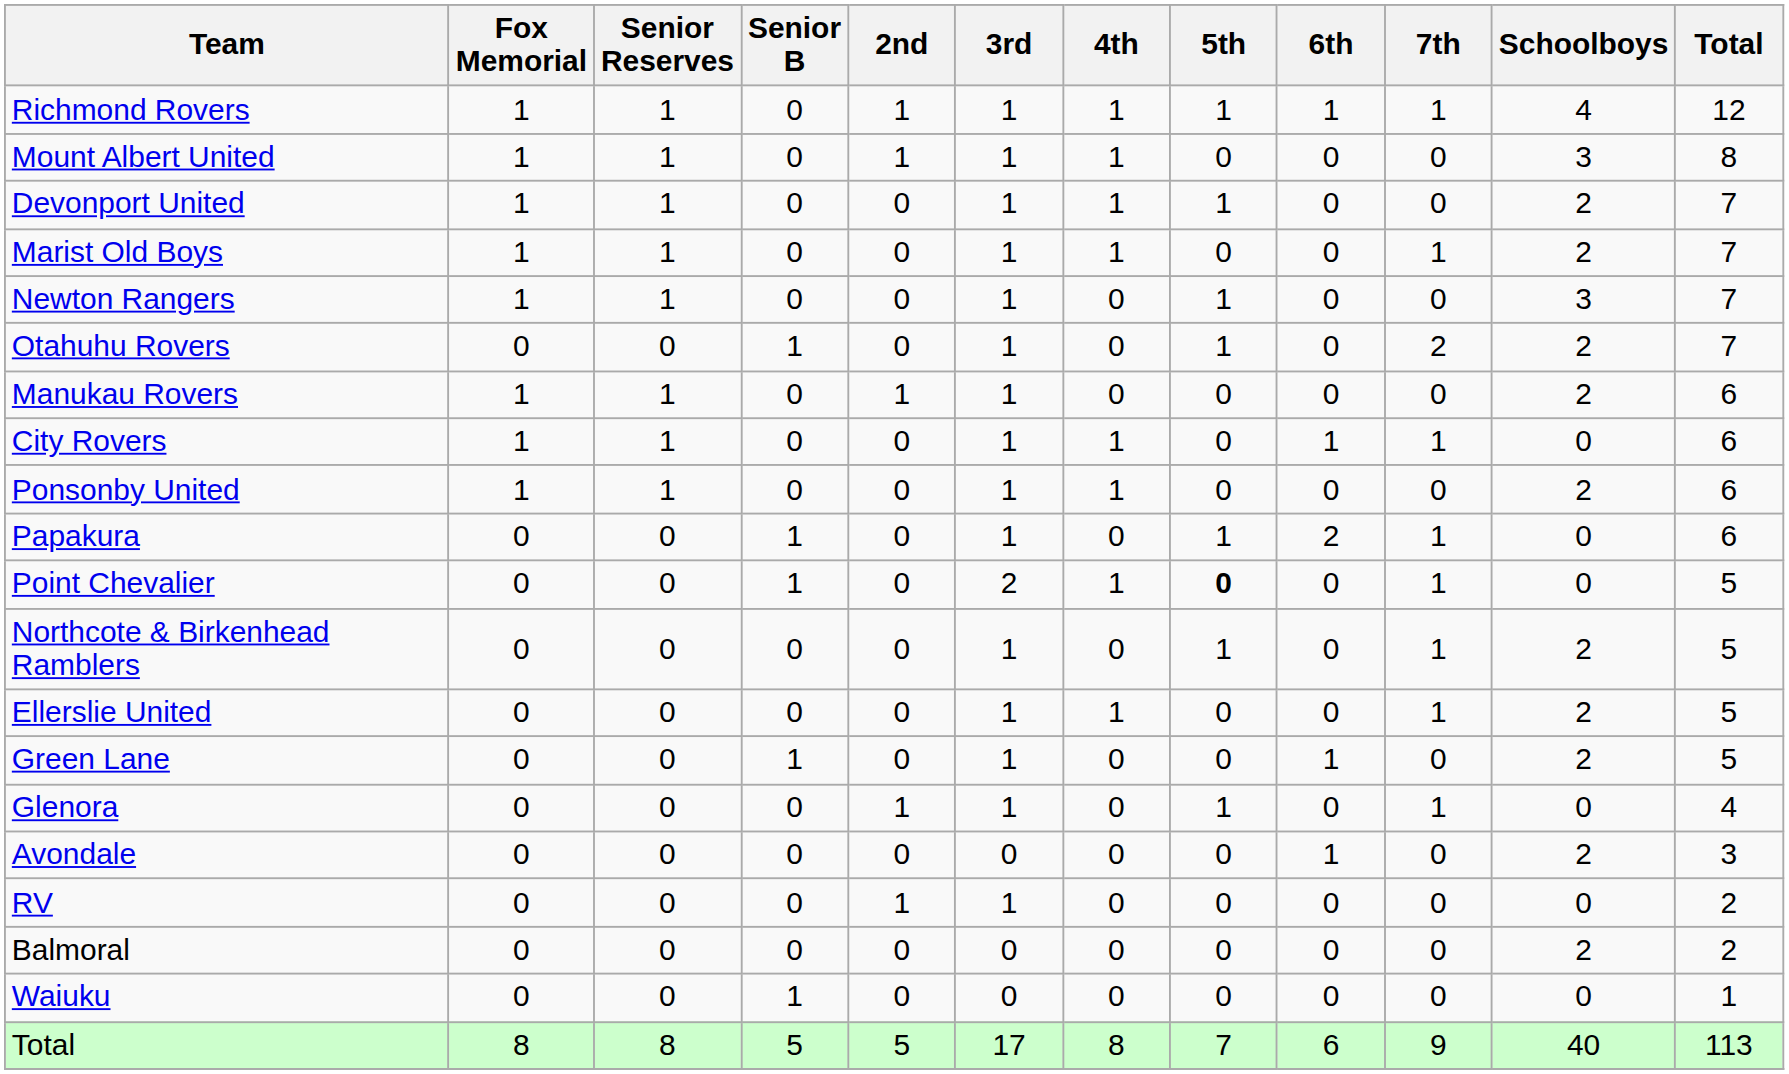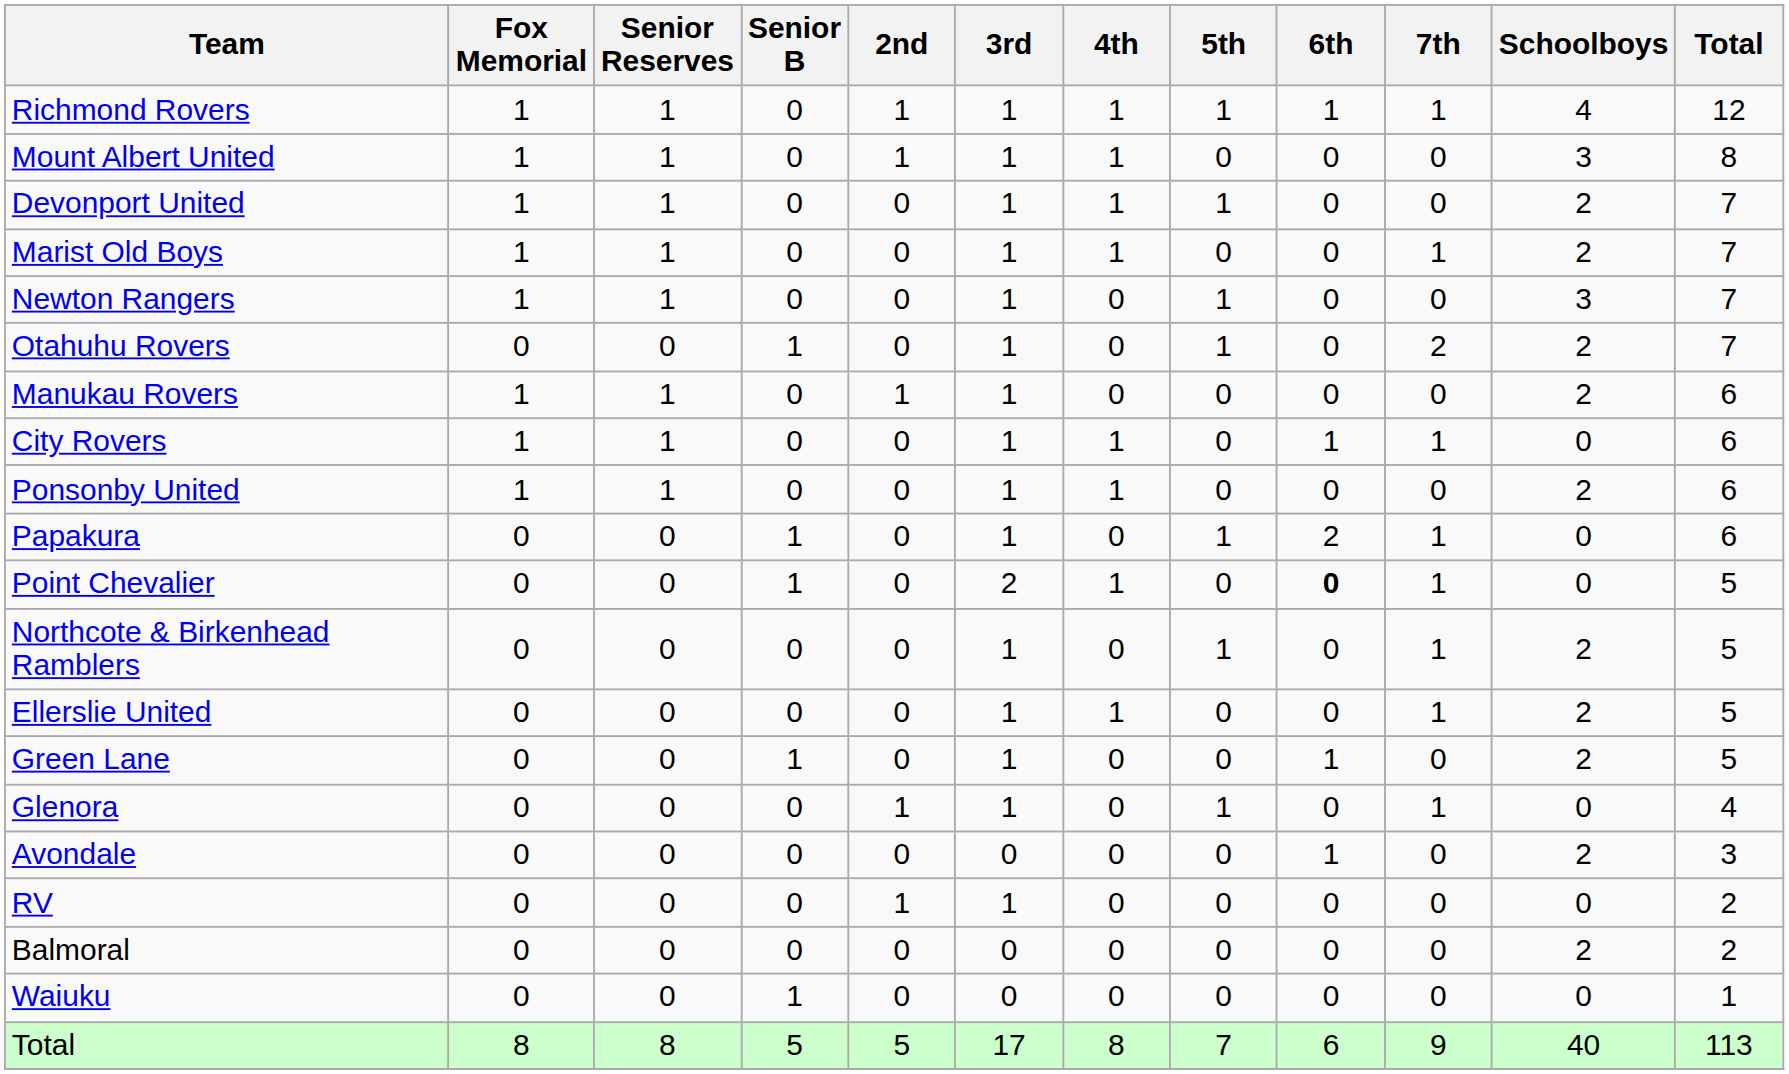 <table class="wikitable" style="text-align:center;">
 <tr>
 <th width=230>Team</th>
 <th width=50 abbr="1st Grade">Fox Memorial</th>
 <th width=50 abbr="Reserves">Senior Reserves</th>
 <th width=50 abbr="Reserves">Senior B</th>
 <th width=50 abbr="2nd Grade">2nd</th>
 <th width=50 abbr="3rd Grade">3rd</th>
 <th width=50 abbr="4th Grade">4th</th>
 <th width=50 abbr="5th Grade">5th</th>
 <th width=50 abbr="6th Grade">6th</th>
 <th width=50 abbr="7th Grade">7th</th>
 <th width=50 abbr="Schoolboys">Schoolboys</th>
 <th width=50 abbr="Total">Total</th>
 </tr>
 <tr>
 <td style="text-align:left;"><a href='#'>Richmond Rovers</a></td>
 <td>1</td>
 <td>1</td>
 <td>0</td>
 <td>1</td>
 <td>1</td>
 <td>1</td>
 <td>1</td>
 <td>1</td>
 <td>1</td>
 <td>4</td>
 <td>12</td>
 </tr>
 <tr>
 <td style="text-align:left;"><a href='#'>Mount Albert United</a></td>
 <td>1</td>
 <td>1</td>
 <td>0</td>
 <td>1</td>
 <td>1</td>
 <td>1</td>
 <td>0</td>
 <td>0</td>
 <td>0</td>
 <td>3</td>
 <td>8</td>
 </tr>
 <tr>
 <td style="text-align:left;"><a href='#'>Devonport United</a></td>
 <td>1</td>
 <td>1</td>
 <td>0</td>
 <td>0</td>
 <td>1</td>
 <td>1</td>
 <td>1</td>
 <td>0</td>
 <td>0</td>
 <td>2</td>
 <td>7</td>
 </tr>
 <tr>
 <td style="text-align:left;"><a href='#'>Marist Old Boys</a></td>
 <td>1</td>
 <td>1</td>
 <td>0</td>
 <td>0</td>
 <td>1</td>
 <td>1</td>
 <td>0</td>
 <td>0</td>
 <td>1</td>
 <td>2</td>
 <td>7</td>
 </tr>
 <tr>
 <td style="text-align:left;"><a href='#'>Newton Rangers</a></td>
 <td>1</td>
 <td>1</td>
 <td>0</td>
 <td>0</td>
 <td>1</td>
 <td>0</td>
 <td>1</td>
 <td>0</td>
 <td>0</td>
 <td>3</td>
 <td>7</td>
 </tr>
 <tr>
 <td style="text-align:left;"><a href='#'>Otahuhu Rovers</a></td>
 <td>0</td>
 <td>0</td>
 <td>1</td>
 <td>0</td>
 <td>1</td>
 <td>0</td>
 <td>1</td>
 <td>0</td>
 <td>2</td>
 <td>2</td>
 <td>7</td>
 </tr>
 <tr>
 <td style="text-align:left;"><a href='#'>Manukau Rovers</a></td>
 <td>1</td>
 <td>1</td>
 <td>0</td>
 <td>1</td>
 <td>1</td>
 <td>0</td>
 <td>0</td>
 <td>0</td>
 <td>0</td>
 <td>2</td>
 <td>6</td>
 </tr>
 <tr>
 <td style="text-align:left;"><a href='#'>City Rovers</a></td>
 <td>1</td>
 <td>1</td>
 <td>0</td>
 <td>0</td>
 <td>1</td>
 <td>1</td>
 <td>0</td>
 <td>1</td>
 <td>1</td>
 <td>0</td>
 <td>6</td>
 </tr>
 <tr>
 <td style="text-align:left;"><a href='#'>Ponsonby United</a></td>
 <td>1</td>
 <td>1</td>
 <td>0</td>
 <td>0</td>
 <td>1</td>
 <td>1</td>
 <td>0</td>
 <td>0</td>
 <td>0</td>
 <td>2</td>
 <td>6</td>
 </tr>
 <tr>
 <td style="text-align:left;"><a href='#'>Papakura</a></td>
 <td>0</td>
 <td>0</td>
 <td>1</td>
 <td>0</td>
 <td>1</td>
 <td>0</td>
 <td>1</td>
 <td>2</td>
 <td>1</td>
 <td>0</td>
 <td>6</td>
 </tr>
 <tr>
 <td style="text-align:left;"><a href='#'>Point Chevalier</a></td>
 <td>0</td>
 <td>0</td>
 <td>1</td>
 <td>0</td>
 <td>2</td>
 <td>1</td>
+<td>0</td>
 <td><strong>0</strong></td>
-<td>0</td>
 <td>1</td>
 <td>0</td>
 <td>5</td>
 </tr>
 <tr>
 <td style="text-align:left;"><a href='#'>Northcote & Birkenhead Ramblers</a></td>
 <td>0</td>
 <td>0</td>
 <td>0</td>
 <td>0</td>
 <td>1</td>
 <td>0</td>
 <td>1</td>
 <td>0</td>
 <td>1</td>
 <td>2</td>
 <td>5</td>
 </tr>
 <tr>
 <td style="text-align:left;"><a href='#'>Ellerslie United</a></td>
 <td>0</td>
 <td>0</td>
 <td>0</td>
 <td>0</td>
 <td>1</td>
 <td>1</td>
 <td>0</td>
 <td>0</td>
 <td>1</td>
 <td>2</td>
 <td>5</td>
 </tr>
 <tr>
 <td style="text-align:left;"><a href='#'>Green Lane</a></td>
 <td>0</td>
 <td>0</td>
 <td>1</td>
 <td>0</td>
 <td>1</td>
 <td>0</td>
 <td>0</td>
 <td>1</td>
 <td>0</td>
 <td>2</td>
 <td>5</td>
 </tr>
 <tr>
 <td style="text-align:left;"><a href='#'>Glenora</a></td>
 <td>0</td>
 <td>0</td>
 <td>0</td>
 <td>1</td>
 <td>1</td>
 <td>0</td>
 <td>1</td>
 <td>0</td>
 <td>1</td>
 <td>0</td>
 <td>4</td>
 </tr>
 <tr>
 <td style="text-align:left;"><a href='#'>Avondale</a></td>
 <td>0</td>
 <td>0</td>
 <td>0</td>
 <td>0</td>
 <td>0</td>
 <td>0</td>
 <td>0</td>
 <td>1</td>
 <td>0</td>
 <td>2</td>
 <td>3</td>
 </tr>
 <tr>
 <td style="text-align:left;"><a href='#'>RV</a></td>
 <td>0</td>
 <td>0</td>
 <td>0</td>
 <td>1</td>
 <td>1</td>
 <td>0</td>
 <td>0</td>
 <td>0</td>
 <td>0</td>
 <td>0</td>
 <td>2</td>
 </tr>
 <tr>
 <td style="text-align:left;">Balmoral</td>
 <td>0</td>
 <td>0</td>
 <td>0</td>
 <td>0</td>
 <td>0</td>
 <td>0</td>
 <td>0</td>
 <td>0</td>
 <td>0</td>
 <td>2</td>
 <td>2</td>
 </tr>
 <tr>
 <td style="text-align:left;"><a href='#'>Waiuku</a></td>
 <td>0</td>
 <td>0</td>
 <td>1</td>
 <td>0</td>
 <td>0</td>
 <td>0</td>
 <td>0</td>
 <td>0</td>
 <td>0</td>
 <td>0</td>
 <td>1</td>
 </tr>
 <tr style="background: #ccffcc;">
 <td style="text-align:left;">Total</td>
 <td>8</td>
 <td>8</td>
 <td>5</td>
 <td>5</td>
 <td>17</td>
 <td>8</td>
 <td>7</td>
 <td>6</td>
 <td>9</td>
 <td>40</td>
 <td>113</td>
 </tr>
 <tr>
 </tr>
 </table>
